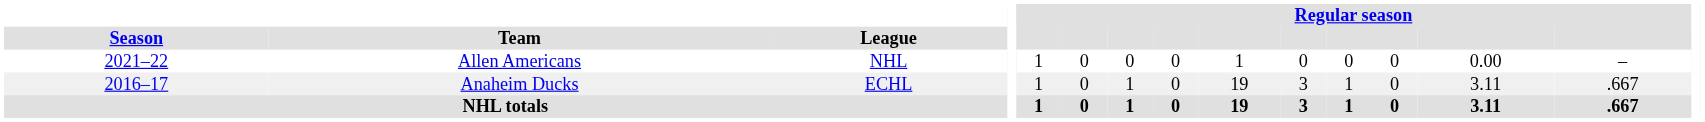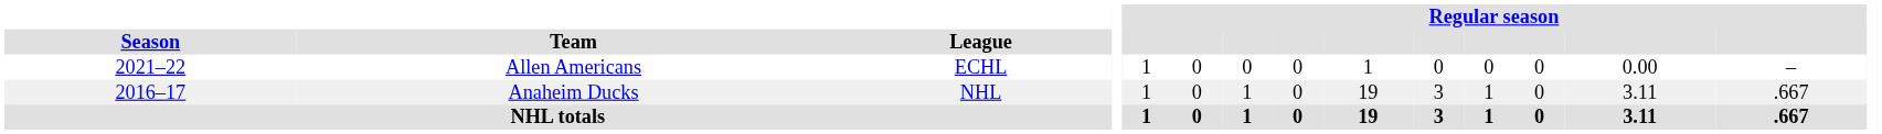 <table border="0" cellpadding="1" cellspacing="0" style="text-align:center; width:75%">
 <tr ALIGN="center" bgcolor="#e0e0e0">
 <th align="center" colspan="3" bgcolor="#ffffff"></th>
 <th align="center" rowspan="99" bgcolor="#ffffff"></th>
 <th colspan="10" bgcolor="#e0e0e0" align="center"><a href='#'>Regular season</a></th>
 <th align="center" rowspan="99" bgcolor="#ffffff"></th>
 </tr>
 <tr ALIGN="center" bgcolor="#e0e0e0">
 <th><a href='#'>Season</a></th>
 <th>Team</th>
 <th>League</th>
 <th></th>
 <th></th>
 <th></th>
 <th></th>
 <th></th>
 <th></th>
 <th></th>
 <th></th>
 <th></th>
 <th></th>
 </tr>
 <tr ALIGN="center">
 <td><a href='#'>2021–22</a></td>
 <td><a href='#'>Allen Americans</a></td>
-<td><a href='#'>NHL</a></td>
+<td><a href='#'>ECHL</a></td>
 <td>1</td>
 <td>0</td>
 <td>0</td>
 <td>0</td>
 <td>1</td>
 <td>0</td>
 <td>0</td>
 <td>0</td>
 <td>0.00</td>
 <td>–</td>
 </tr>
 <tr ALIGN="center" bgcolor="#f0f0f0">
 <td><a href='#'>2016–17</a></td>
 <td><a href='#'>Anaheim Ducks</a></td>
-<td><a href='#'>ECHL</a></td>
+<td><a href='#'>NHL</a></td>
 <td>1</td>
 <td>0</td>
 <td>1</td>
 <td>0</td>
 <td>19</td>
 <td>3</td>
 <td>1</td>
 <td>0</td>
 <td>3.11</td>
 <td>.667</td>
 </tr>
 <tr ALIGN="center" bgcolor="#e0e0e0">
 <th colspan="3" align="center">NHL totals</th>
 <th>1</th>
 <th>0</th>
 <th>1</th>
 <th>0</th>
 <th>19</th>
 <th>3</th>
 <th>1</th>
 <th>0</th>
 <th>3.11</th>
 <th>.667</th>
 </tr>
 </table>
